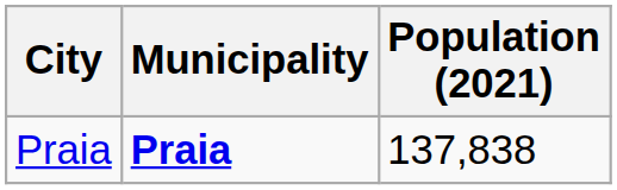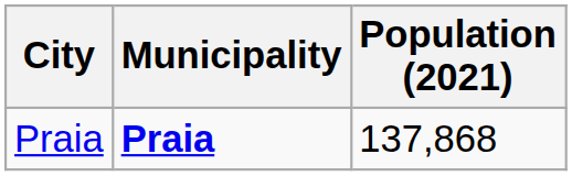 <table class="wikitable sortable sticky-header col3right">
 <tr>
 <th>City</th>
 <th>Municipality</th>
 <th>Population<br>(2021)</th>
 </tr>
 <tr>
 <td><a href='#'>Praia</a></td>
 <td><strong><a href='#'>Praia</a></strong></td>
-<td>137,838</td>
+<td>137,868</td>
 </tr>
 </table>
